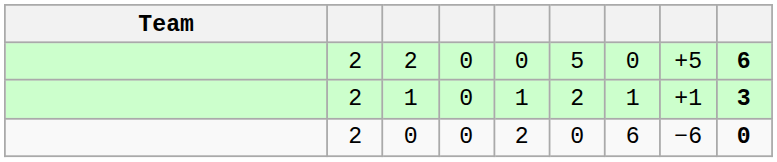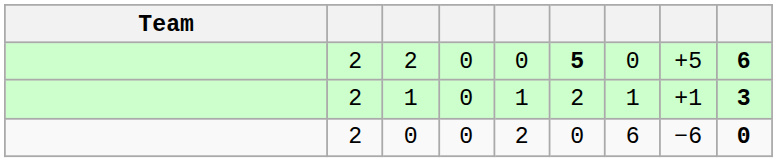 <table class="wikitable" style="text-align:center">
 <tr>
 <th width=175>Team</th>
 <th width=25></th>
 <th width=25></th>
 <th width=25></th>
 <th width=25></th>
 <th width=25></th>
 <th width=25></th>
 <th width=25></th>
 <th width=25></th>
 </tr>
 <tr bgcolor=ccffcc>
 <td style="text-align:left;"></td>
 <td>2</td>
 <td>2</td>
 <td>0</td>
 <td>0</td>
-<td>5</td>
+<td><strong>5</strong></td>
 <td>0</td>
 <td>+5</td>
 <td><strong>6</strong></td>
 </tr>
 <tr bgcolor=ccffcc>
 <td style="text-align:left;"></td>
 <td>2</td>
 <td>1</td>
 <td>0</td>
 <td>1</td>
 <td>2</td>
 <td>1</td>
 <td>+1</td>
 <td><strong>3</strong></td>
 </tr>
 <tr>
 <td style="text-align:left;"></td>
 <td>2</td>
 <td>0</td>
 <td>0</td>
 <td>2</td>
 <td>0</td>
 <td>6</td>
 <td>−6</td>
 <td><strong>0</strong></td>
 </tr>
 </table>
